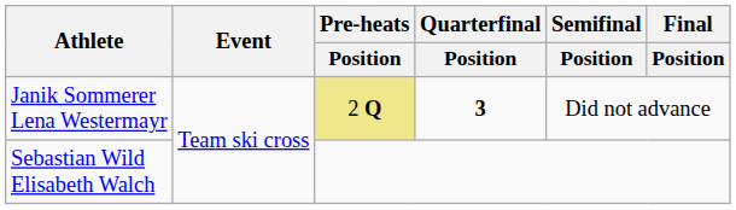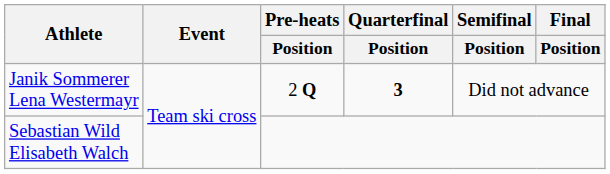 <table class="wikitable" style="font-size:90%">
 <tr>
 <th rowspan="2">Athlete</th>
 <th rowspan="2">Event</th>
 <th>Pre-heats</th>
 <th>Quarterfinal</th>
 <th>Semifinal</th>
 <th>Final</th>
 </tr>
 <tr style="font-size:95%">
 <th>Position</th>
 <th>Position</th>
 <th>Position</th>
 <th>Position</th>
 </tr>
 <tr align=center>
 <td align=left><a href='#'>Janik Sommerer</a><br><a href='#'>Lena Westermayr</a></td>
 <td align=left rowspan=2><a href='#'>Team ski cross</a></td>
-<td style="background: khaki;">2 <strong>Q</strong></td>
+<td>2 <strong>Q</strong></td>
 <td><strong>3</strong></td>
 <td colspan=2>Did not advance</td>
 </tr>
 <tr align=center>
 <td align=left><a href='#'>Sebastian Wild</a><br><a href='#'>Elisabeth Walch</a></td>
 <td colspan=4></td>
 </tr>
 </table>
